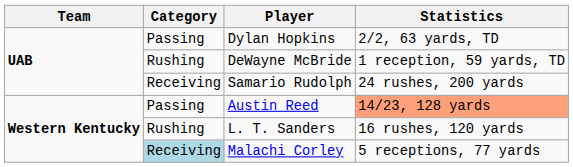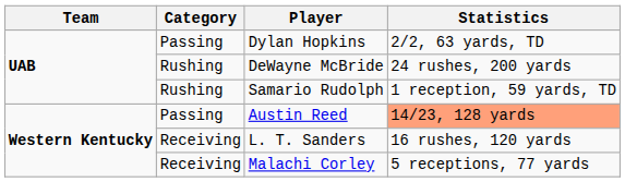 <table class="wikitable" style="float: left;">
 <tr>
 <th>Team</th>
 <th>Category</th>
 <th>Player</th>
 <th>Statistics</th>
 </tr>
 <tr>
 <td rowspan=3><strong>UAB</strong></td>
 <td>Passing</td>
 <td>Dylan Hopkins</td>
 <td>2/2, 63 yards, TD</td>
 </tr>
 <tr>
 <td>Rushing</td>
 <td>DeWayne McBride</td>
-<td>1 reception, 59 yards, TD</td>
+<td>24 rushes, 200 yards</td>
 </tr>
 <tr>
-<td>Receiving</td>
+<td>Rushing</td>
 <td>Samario Rudolph</td>
-<td>24 rushes, 200 yards</td>
+<td>1 reception, 59 yards, TD</td>
 </tr>
 <tr>
 <td rowspan=3><strong>Western Kentucky</strong></td>
 <td>Passing</td>
 <td><a href='#'>Austin Reed</a></td>
 <td style="background: lightsalmon;">14/23, 128 yards</td>
 </tr>
 <tr>
-<td>Rushing</td>
+<td>Receiving</td>
 <td>L. T. Sanders</td>
 <td>16 rushes, 120 yards</td>
 </tr>
 <tr>
-<td style="background: lightblue;">Receiving</td>
+<td>Receiving</td>
 <td><a href='#'>Malachi Corley</a></td>
 <td>5 receptions, 77 yards</td>
 </tr>
 </table>
